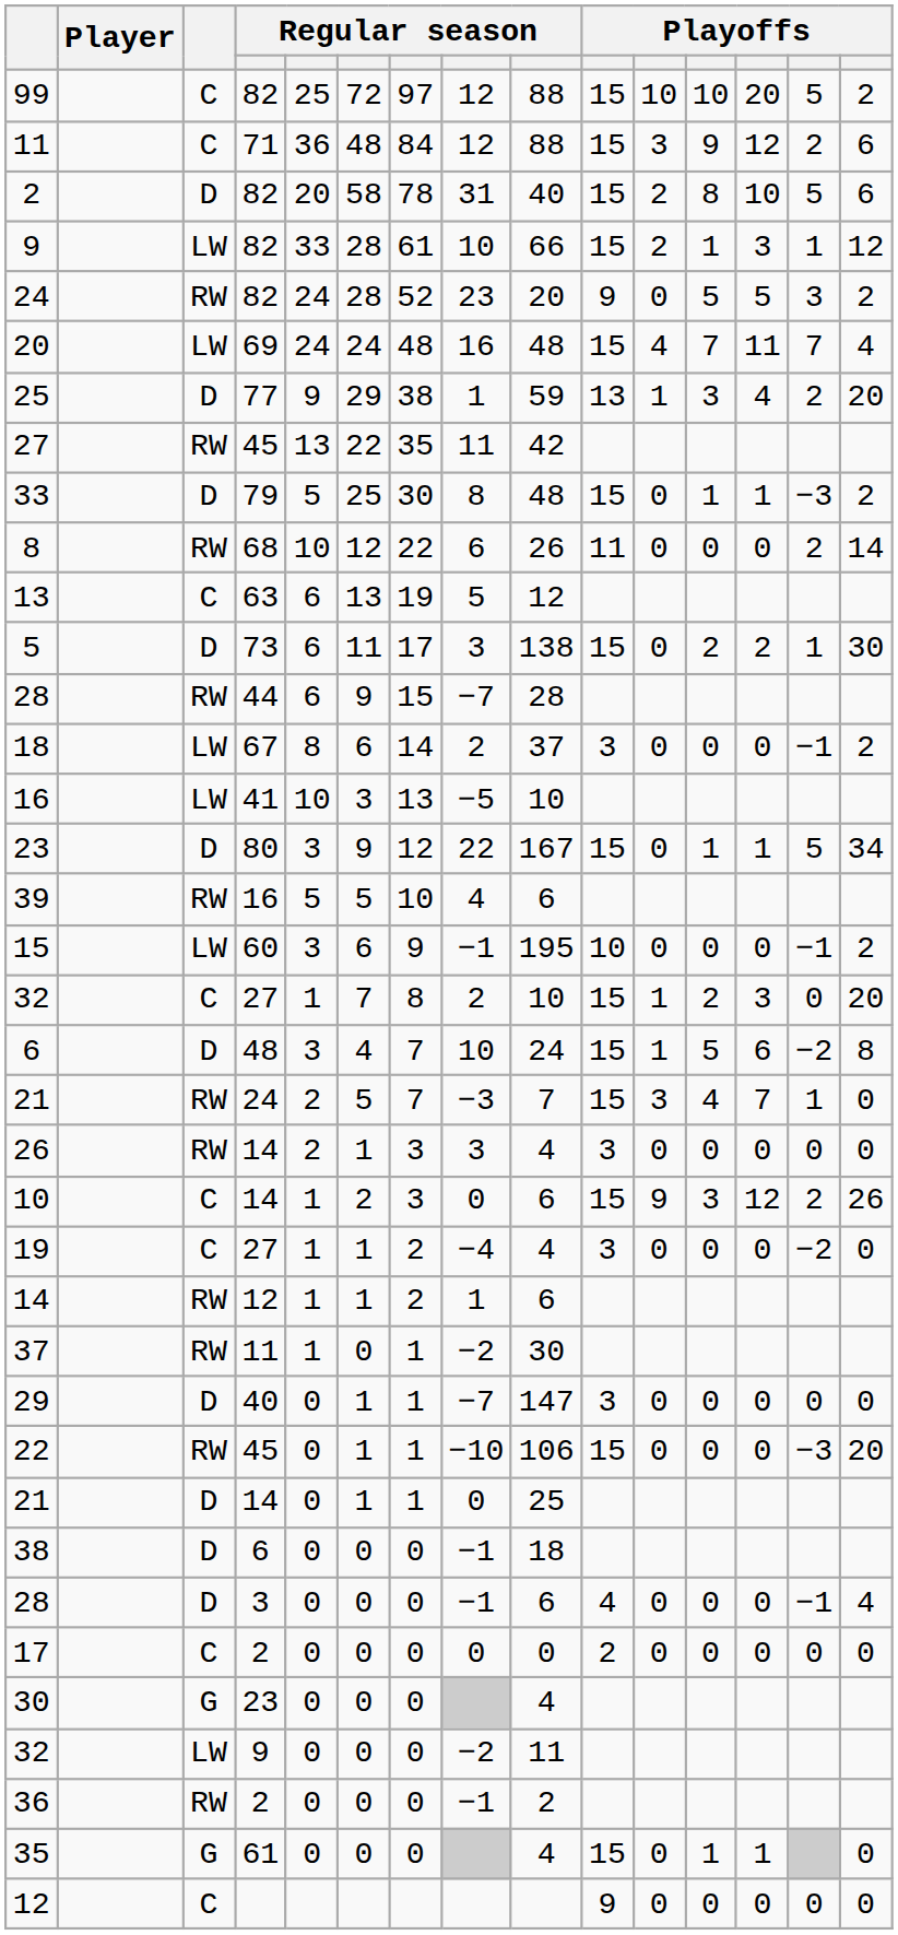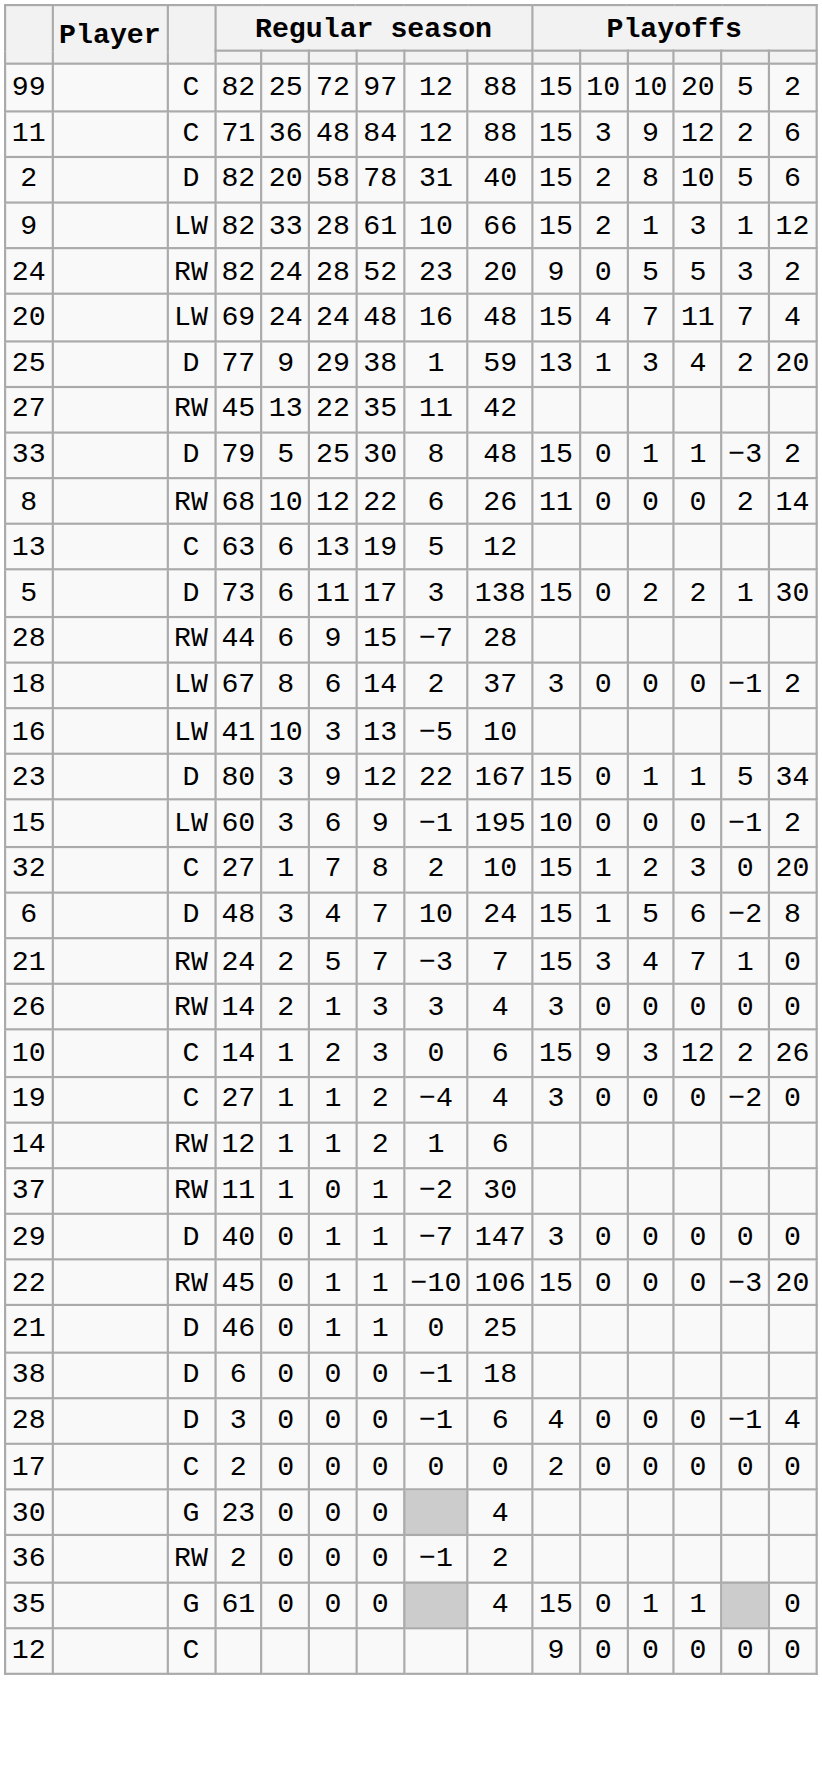 <table class="wikitable sortable plainrowheaders" style="text-align:center;">
 <tr>
 <th scope="col" data-sort-type="number" rowspan="2"></th>
 <th scope="col" rowspan="2">Player</th>
 <th scope="col" rowspan="2"></th>
 <th scope=colgroup colspan=6>Regular season</th>
 <th scope=colgroup colspan=6>Playoffs</th>
 </tr>
 <tr>
 <th scope="col" data-sort-type="number"></th>
 <th scope="col" data-sort-type="number"></th>
 <th scope="col" data-sort-type="number"></th>
 <th scope="col" data-sort-type="number"></th>
 <th scope="col" data-sort-type="number"></th>
 <th scope="col" data-sort-type="number"></th>
 <th scope="col" data-sort-type="number"></th>
 <th scope="col" data-sort-type="number"></th>
 <th scope="col" data-sort-type="number"></th>
 <th scope="col" data-sort-type="number"></th>
 <th scope="col" data-sort-type="number"></th>
 <th scope="col" data-sort-type="number"></th>
 </tr>
 <tr>
 <td scope="row">99</td>
 <td align="left"></td>
 <td>C</td>
 <td>82</td>
 <td>25</td>
 <td>72</td>
 <td>97</td>
 <td>12</td>
 <td>88</td>
 <td>15</td>
 <td>10</td>
 <td>10</td>
 <td>20</td>
 <td>5</td>
 <td>2</td>
 </tr>
 <tr>
 <td scope="row">11</td>
 <td align="left"></td>
 <td>C</td>
 <td>71</td>
 <td>36</td>
 <td>48</td>
 <td>84</td>
 <td>12</td>
 <td>88</td>
 <td>15</td>
 <td>3</td>
 <td>9</td>
 <td>12</td>
 <td>2</td>
 <td>6</td>
 </tr>
 <tr>
 <td scope="row">2</td>
 <td align="left"></td>
 <td>D</td>
 <td>82</td>
 <td>20</td>
 <td>58</td>
 <td>78</td>
 <td>31</td>
 <td>40</td>
 <td>15</td>
 <td>2</td>
 <td>8</td>
 <td>10</td>
 <td>5</td>
 <td>6</td>
 </tr>
 <tr>
 <td scope="row">9</td>
 <td align="left"></td>
 <td>LW</td>
 <td>82</td>
 <td>33</td>
 <td>28</td>
 <td>61</td>
 <td>10</td>
 <td>66</td>
 <td>15</td>
 <td>2</td>
 <td>1</td>
 <td>3</td>
 <td>1</td>
 <td>12</td>
 </tr>
 <tr>
 <td scope="row">24</td>
 <td align="left"></td>
 <td>RW</td>
 <td>82</td>
 <td>24</td>
 <td>28</td>
 <td>52</td>
 <td>23</td>
 <td>20</td>
 <td>9</td>
 <td>0</td>
 <td>5</td>
 <td>5</td>
 <td>3</td>
 <td>2</td>
 </tr>
 <tr>
 <td scope="row">20</td>
 <td align="left"></td>
 <td>LW</td>
 <td>69</td>
 <td>24</td>
 <td>24</td>
 <td>48</td>
 <td>16</td>
 <td>48</td>
 <td>15</td>
 <td>4</td>
 <td>7</td>
 <td>11</td>
 <td>7</td>
 <td>4</td>
 </tr>
 <tr>
 <td scope="row">25</td>
 <td align="left"></td>
 <td>D</td>
 <td>77</td>
 <td>9</td>
 <td>29</td>
 <td>38</td>
 <td>1</td>
 <td>59</td>
 <td>13</td>
 <td>1</td>
 <td>3</td>
 <td>4</td>
 <td>2</td>
 <td>20</td>
 </tr>
 <tr>
 <td scope="row">27</td>
 <td align="left"></td>
 <td>RW</td>
 <td>45</td>
 <td>13</td>
 <td>22</td>
 <td>35</td>
 <td>11</td>
 <td>42</td>
 <td></td>
 <td></td>
 <td></td>
 <td></td>
 <td></td>
 <td></td>
 </tr>
 <tr>
 <td scope="row">33</td>
 <td align="left"></td>
 <td>D</td>
 <td>79</td>
 <td>5</td>
 <td>25</td>
 <td>30</td>
 <td>8</td>
 <td>48</td>
 <td>15</td>
 <td>0</td>
 <td>1</td>
 <td>1</td>
 <td>−3</td>
 <td>2</td>
 </tr>
 <tr>
 <td scope="row">8</td>
 <td align="left"></td>
 <td>RW</td>
 <td>68</td>
 <td>10</td>
 <td>12</td>
 <td>22</td>
 <td>6</td>
 <td>26</td>
 <td>11</td>
 <td>0</td>
 <td>0</td>
 <td>0</td>
 <td>2</td>
 <td>14</td>
 </tr>
 <tr>
 <td scope="row">13</td>
 <td align="left"></td>
 <td>C</td>
 <td>63</td>
 <td>6</td>
 <td>13</td>
 <td>19</td>
 <td>5</td>
 <td>12</td>
 <td></td>
 <td></td>
 <td></td>
 <td></td>
 <td></td>
 <td></td>
 </tr>
 <tr>
 <td scope="row">5</td>
 <td align="left"></td>
 <td>D</td>
 <td>73</td>
 <td>6</td>
 <td>11</td>
 <td>17</td>
 <td>3</td>
 <td>138</td>
 <td>15</td>
 <td>0</td>
 <td>2</td>
 <td>2</td>
 <td>1</td>
 <td>30</td>
 </tr>
 <tr>
 <td scope="row">28</td>
 <td align="left"></td>
 <td>RW</td>
 <td>44</td>
 <td>6</td>
 <td>9</td>
 <td>15</td>
 <td>−7</td>
 <td>28</td>
 <td></td>
 <td></td>
 <td></td>
 <td></td>
 <td></td>
 <td></td>
 </tr>
 <tr>
 <td scope="row">18</td>
 <td align="left"></td>
 <td>LW</td>
 <td>67</td>
 <td>8</td>
 <td>6</td>
 <td>14</td>
 <td>2</td>
 <td>37</td>
 <td>3</td>
 <td>0</td>
 <td>0</td>
 <td>0</td>
 <td>−1</td>
 <td>2</td>
 </tr>
 <tr>
 <td scope="row">16</td>
 <td align="left"></td>
 <td>LW</td>
 <td>41</td>
 <td>10</td>
 <td>3</td>
 <td>13</td>
 <td>−5</td>
 <td>10</td>
 <td></td>
 <td></td>
 <td></td>
 <td></td>
 <td></td>
 <td></td>
 </tr>
 <tr>
 <td scope="row">23</td>
 <td align="left"></td>
 <td>D</td>
 <td>80</td>
 <td>3</td>
 <td>9</td>
 <td>12</td>
 <td>22</td>
 <td>167</td>
 <td>15</td>
 <td>0</td>
 <td>1</td>
 <td>1</td>
 <td>5</td>
 <td>34</td>
 </tr>
 <tr>
-<td scope="row">39</td>
-<td align="left"></td>
-<td>RW</td>
-<td>16</td>
-<td>5</td>
-<td>5</td>
-<td>10</td>
-<td>4</td>
-<td>6</td>
-<td></td>
-<td></td>
-<td></td>
-<td></td>
-<td></td>
-<td></td>
-</tr>
-<tr>
 <td scope="row">15</td>
 <td align="left"></td>
 <td>LW</td>
 <td>60</td>
 <td>3</td>
 <td>6</td>
 <td>9</td>
 <td>−1</td>
 <td>195</td>
 <td>10</td>
 <td>0</td>
 <td>0</td>
 <td>0</td>
 <td>−1</td>
 <td>2</td>
 </tr>
 <tr>
 <td scope="row">32</td>
 <td align="left"></td>
 <td>C</td>
 <td>27</td>
 <td>1</td>
 <td>7</td>
 <td>8</td>
 <td>2</td>
 <td>10</td>
 <td>15</td>
 <td>1</td>
 <td>2</td>
 <td>3</td>
 <td>0</td>
 <td>20</td>
 </tr>
 <tr>
 <td scope="row">6</td>
 <td align="left"></td>
 <td>D</td>
 <td>48</td>
 <td>3</td>
 <td>4</td>
 <td>7</td>
 <td>10</td>
 <td>24</td>
 <td>15</td>
 <td>1</td>
 <td>5</td>
 <td>6</td>
 <td>−2</td>
 <td>8</td>
 </tr>
 <tr>
 <td scope="row">21</td>
 <td align="left"></td>
 <td>RW</td>
 <td>24</td>
 <td>2</td>
 <td>5</td>
 <td>7</td>
 <td>−3</td>
 <td>7</td>
 <td>15</td>
 <td>3</td>
 <td>4</td>
 <td>7</td>
 <td>1</td>
 <td>0</td>
 </tr>
 <tr>
 <td scope="row">26</td>
 <td align="left"></td>
 <td>RW</td>
 <td>14</td>
 <td>2</td>
 <td>1</td>
 <td>3</td>
 <td>3</td>
 <td>4</td>
 <td>3</td>
 <td>0</td>
 <td>0</td>
 <td>0</td>
 <td>0</td>
 <td>0</td>
 </tr>
 <tr>
 <td scope="row">10</td>
 <td align="left"></td>
 <td>C</td>
 <td>14</td>
 <td>1</td>
 <td>2</td>
 <td>3</td>
 <td>0</td>
 <td>6</td>
 <td>15</td>
 <td>9</td>
 <td>3</td>
 <td>12</td>
 <td>2</td>
 <td>26</td>
 </tr>
 <tr>
 <td scope="row">19</td>
 <td align="left"></td>
 <td>C</td>
 <td>27</td>
 <td>1</td>
 <td>1</td>
 <td>2</td>
 <td>−4</td>
 <td>4</td>
 <td>3</td>
 <td>0</td>
 <td>0</td>
 <td>0</td>
 <td>−2</td>
 <td>0</td>
 </tr>
 <tr>
 <td scope="row">14</td>
 <td align="left"></td>
 <td>RW</td>
 <td>12</td>
 <td>1</td>
 <td>1</td>
 <td>2</td>
 <td>1</td>
 <td>6</td>
 <td></td>
 <td></td>
 <td></td>
 <td></td>
 <td></td>
 <td></td>
 </tr>
 <tr>
 <td scope="row">37</td>
 <td align="left"></td>
 <td>RW</td>
 <td>11</td>
 <td>1</td>
 <td>0</td>
 <td>1</td>
 <td>−2</td>
 <td>30</td>
 <td></td>
 <td></td>
 <td></td>
 <td></td>
 <td></td>
 <td></td>
 </tr>
 <tr>
 <td scope="row">29</td>
 <td align="left"></td>
 <td>D</td>
 <td>40</td>
 <td>0</td>
 <td>1</td>
 <td>1</td>
 <td>−7</td>
 <td>147</td>
 <td>3</td>
 <td>0</td>
 <td>0</td>
 <td>0</td>
 <td>0</td>
 <td>0</td>
 </tr>
 <tr>
 <td scope="row">22</td>
 <td align="left"></td>
 <td>RW</td>
 <td>45</td>
 <td>0</td>
 <td>1</td>
 <td>1</td>
 <td>−10</td>
 <td>106</td>
 <td>15</td>
 <td>0</td>
 <td>0</td>
 <td>0</td>
 <td>−3</td>
 <td>20</td>
 </tr>
 <tr>
 <td scope="row">21</td>
 <td align="left"></td>
 <td>D</td>
-<td>14</td>
+<td>46</td>
 <td>0</td>
 <td>1</td>
 <td>1</td>
 <td>0</td>
 <td>25</td>
 <td></td>
 <td></td>
 <td></td>
 <td></td>
 <td></td>
 <td></td>
 </tr>
 <tr>
 <td scope="row">38</td>
 <td align="left"></td>
 <td>D</td>
 <td>6</td>
 <td>0</td>
 <td>0</td>
 <td>0</td>
 <td>−1</td>
 <td>18</td>
 <td></td>
 <td></td>
 <td></td>
 <td></td>
 <td></td>
 <td></td>
 </tr>
 <tr>
 <td scope="row">28</td>
 <td align="left"></td>
 <td>D</td>
 <td>3</td>
 <td>0</td>
 <td>0</td>
 <td>0</td>
 <td>−1</td>
 <td>6</td>
 <td>4</td>
 <td>0</td>
 <td>0</td>
 <td>0</td>
 <td>−1</td>
 <td>4</td>
 </tr>
 <tr>
 <td scope="row">17</td>
 <td align="left"></td>
 <td>C</td>
 <td>2</td>
 <td>0</td>
 <td>0</td>
 <td>0</td>
 <td>0</td>
 <td>0</td>
 <td>2</td>
 <td>0</td>
 <td>0</td>
 <td>0</td>
 <td>0</td>
 <td>0</td>
 </tr>
 <tr>
 <td scope="row">30</td>
 <td align="left"></td>
 <td>G</td>
 <td>23</td>
 <td>0</td>
 <td>0</td>
 <td>0</td>
 <td style="background:#ccc"></td>
 <td>4</td>
 <td></td>
 <td></td>
 <td></td>
 <td></td>
 <td></td>
 <td></td>
 </tr>
 <tr>
-<td scope="row">32</td>
-<td align="left"></td>
-<td>LW</td>
-<td>9</td>
-<td>0</td>
-<td>0</td>
-<td>0</td>
-<td>−2</td>
-<td>11</td>
-<td></td>
-<td></td>
-<td></td>
-<td></td>
-<td></td>
-<td></td>
-</tr>
-<tr>
 <td scope="row">36</td>
 <td align="left"></td>
 <td>RW</td>
 <td>2</td>
 <td>0</td>
 <td>0</td>
 <td>0</td>
 <td>−1</td>
 <td>2</td>
 <td></td>
 <td></td>
 <td></td>
 <td></td>
 <td></td>
 <td></td>
 </tr>
 <tr>
 <td scope="row">35</td>
 <td align="left"></td>
 <td>G</td>
 <td>61</td>
 <td>0</td>
 <td>0</td>
 <td>0</td>
 <td style="background:#ccc"></td>
 <td>4</td>
 <td>15</td>
 <td>0</td>
 <td>1</td>
 <td>1</td>
 <td style="background:#ccc"></td>
 <td>0</td>
 </tr>
 <tr>
 <td scope="row">12</td>
 <td align="left"></td>
 <td>C</td>
 <td></td>
 <td></td>
 <td></td>
 <td></td>
 <td></td>
 <td></td>
 <td>9</td>
 <td>0</td>
 <td>0</td>
 <td>0</td>
 <td>0</td>
 <td>0</td>
 </tr>
 </table>
